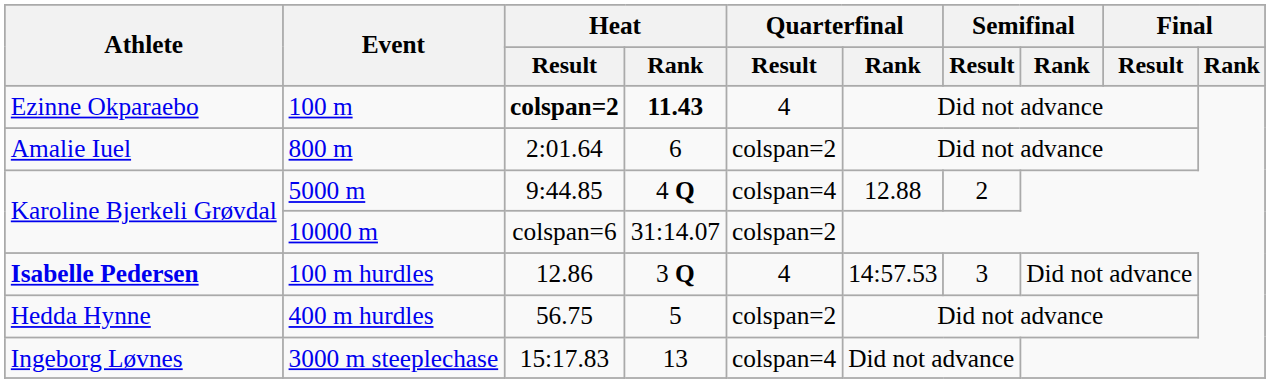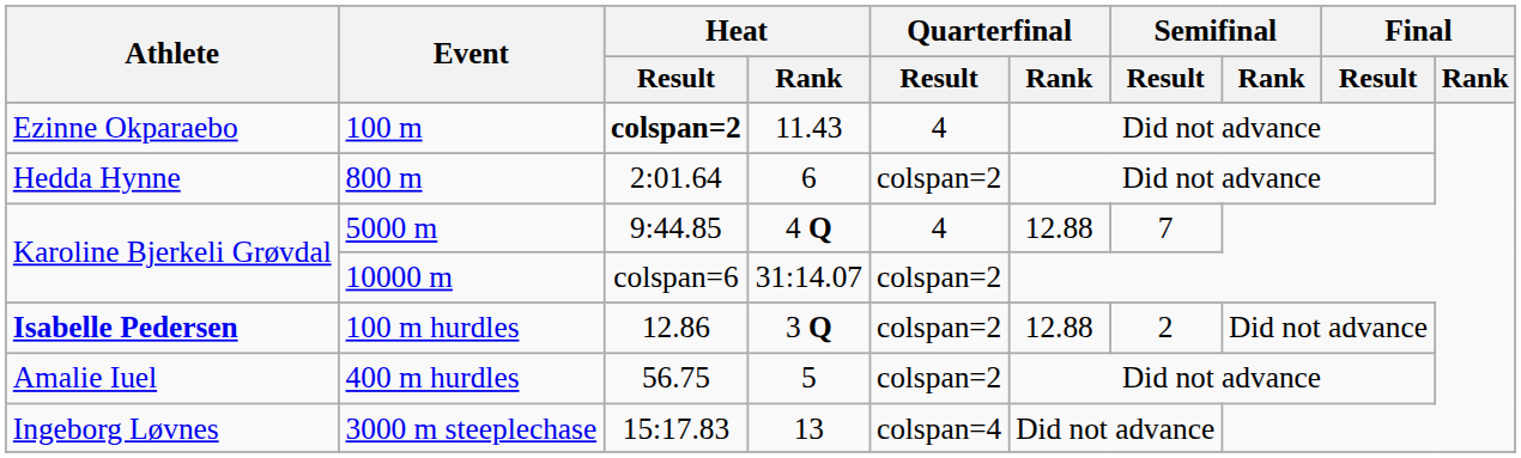 <table class="wikitable" style="font-size:90%">
 <tr>
 <th rowspan="2">Athlete</th>
 <th rowspan="2">Event</th>
 <th colspan="2">Heat</th>
 <th colspan="2">Quarterfinal</th>
 <th colspan="2">Semifinal</th>
 <th colspan="2">Final</th>
 </tr>
 <tr style="font-size:95%">
 <th>Result</th>
 <th>Rank</th>
 <th>Result</th>
 <th>Rank</th>
 <th>Result</th>
 <th>Rank</th>
 <th>Result</th>
 <th>Rank</th>
 </tr>
 <tr align=center>
 <td align=left><a href='#'>Ezinne Okparaebo</a></td>
 <td align=left><a href='#'>100 m</a></td>
 <td><strong>colspan=2 </strong></td>
-<td><strong>11.43</strong></td>
+<td>11.43</td>
 <td>4</td>
 <td colspan=4>Did not advance</td>
 </tr>
 <tr align=center>
-<td align=left><a href='#'>Amalie Iuel</a></td>
+<td align=left><a href='#'>Hedda Hynne</a></td>
 <td align=left><a href='#'>800 m</a></td>
 <td>2:01.64</td>
 <td>6</td>
 <td>colspan=2 </td>
 <td colspan=4>Did not advance</td>
 </tr>
 <tr align=center>
 <td align=left rowspan=2><a href='#'>Karoline Bjerkeli Grøvdal</a></td>
 <td align=left><a href='#'>5000 m</a></td>
 <td>9:44.85</td>
 <td>4 <strong>Q</strong></td>
-<td>colspan=4 </td>
+<td>4</td>
 <td>12.88</td>
-<td>2</td>
+<td>7</td>
 </tr>
 <tr align=center>
 <td align=left><a href='#'>10000 m</a></td>
 <td>colspan=6 </td>
 <td>31:14.07</td>
 <td>colspan=2 </td>
 </tr>
 <tr align=center>
 <td align=left><strong><a href='#'>Isabelle Pedersen</a></strong></td>
 <td align=left><a href='#'>100 m hurdles</a></td>
 <td>12.86</td>
 <td>3 <strong>Q</strong></td>
-<td>4</td>
-<td>14:57.53</td>
-<td>3</td>
+<td>colspan=2 </td>
+<td>12.88</td>
+<td>2</td>
 <td colspan=2>Did not advance</td>
 </tr>
 <tr align=center>
-<td align=left><a href='#'>Hedda Hynne</a></td>
+<td align=left><a href='#'>Amalie Iuel</a></td>
 <td align=left><a href='#'>400 m hurdles</a></td>
 <td>56.75</td>
 <td>5</td>
 <td>colspan=2 </td>
 <td colspan=4>Did not advance</td>
 </tr>
 <tr align=center>
 <td align=left><a href='#'>Ingeborg Løvnes</a></td>
 <td align=left><a href='#'>3000 m steeplechase</a></td>
 <td>15:17.83</td>
 <td>13</td>
 <td>colspan=4 </td>
 <td colspan=2>Did not advance</td>
 </tr>
 </table>
